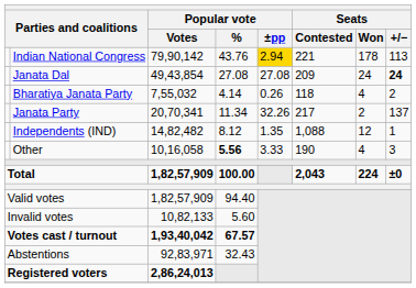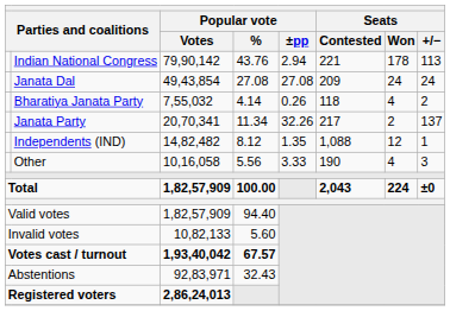 <table class="wikitable">
 <tr>
 <th colspan="11"></th>
 </tr>
 <tr>
 <th colspan="2" rowspan="2">Parties and coalitions</th>
 <th colspan="3">Popular vote</th>
 <th colspan="3">Seats</th>
 </tr>
 <tr>
 <th>Votes</th>
 <th>%</th>
 <th>±<a href='#'>pp</a></th>
 <th>Contested</th>
 <th>Won</th>
 <th><strong>+/−</strong></th>
 </tr>
 <tr>
 <td></td>
 <td><a href='#'>Indian National Congress</a></td>
 <td>79,90,142</td>
 <td>43.76</td>
-<td style="background: gold;">2.94</td>
+<td>2.94</td>
 <td>221</td>
 <td>178</td>
 <td>113</td>
 </tr>
 <tr>
 <td></td>
 <td><a href='#'>Janata Dal</a></td>
 <td>49,43,854</td>
 <td>27.08</td>
 <td>27.08</td>
 <td>209</td>
 <td>24</td>
-<td><strong>24</strong></td>
+<td>24</td>
 </tr>
 <tr>
 <td></td>
 <td><a href='#'>Bharatiya Janata Party</a></td>
 <td>7,55,032</td>
 <td>4.14</td>
 <td>0.26</td>
 <td>118</td>
 <td>4</td>
 <td>2</td>
 </tr>
 <tr>
 <td></td>
 <td><a href='#'>Janata Party</a></td>
 <td>20,70,341</td>
 <td>11.34</td>
 <td>32.26</td>
 <td>217</td>
 <td>2</td>
 <td>137</td>
 </tr>
 <tr>
 <td></td>
 <td><a href='#'>Independents</a> (IND)</td>
 <td>14,82,482</td>
 <td>8.12</td>
 <td>1.35</td>
 <td>1,088</td>
 <td>12</td>
 <td>1</td>
 </tr>
 <tr>
 <td></td>
 <td>Other</td>
 <td>10,16,058</td>
-<td><strong>5.56</strong></td>
+<td>5.56</td>
 <td>3.33</td>
 <td>190</td>
 <td>4</td>
 <td>3</td>
 </tr>
 <tr>
 <td colspan="8" bgcolor="#E9E9E9"></td>
 </tr>
 <tr style="font-weight:bold;">
 <td colspan="2" align="left">Total</td>
 <td>1,82,57,909</td>
 <td>100.00</td>
 <td bgcolor="#E9E9E9"></td>
 <td>2,043</td>
 <td>224</td>
 <td>±0</td>
 </tr>
 <tr>
 <th colspan="9"></th>
 </tr>
 <tr>
 <td style="text-align:left;" colspan="2">Valid votes</td>
 <td align="right">1,82,57,909</td>
 <td align="right">94.40</td>
 <td colspan="4" rowspan="5" style="background-color:#E9E9E9"></td>
 </tr>
 <tr>
 <td style="text-align:left;" colspan="2">Invalid votes</td>
 <td align="right">10,82,133</td>
 <td align="right">5.60</td>
 </tr>
 <tr>
 <td style="text-align:left;" colspan="2"><strong>Votes cast / turnout</strong></td>
 <td align="right"><strong>1,93,40,042</strong></td>
 <td align="right"><strong>67.57</strong></td>
 </tr>
 <tr>
 <td style="text-align:left;" colspan="2">Abstentions</td>
 <td align="right">92,83,971</td>
 <td align="right">32.43</td>
 </tr>
 <tr>
 <td style="text-align:left;" colspan="2"><strong>Registered voters</strong></td>
 <td align="right"><strong>2,86,24,013</strong></td>
 <td colspan="1" style="background-color:#E9E9E9"></td>
 </tr>
 <tr>
 </tr>
 </table>
